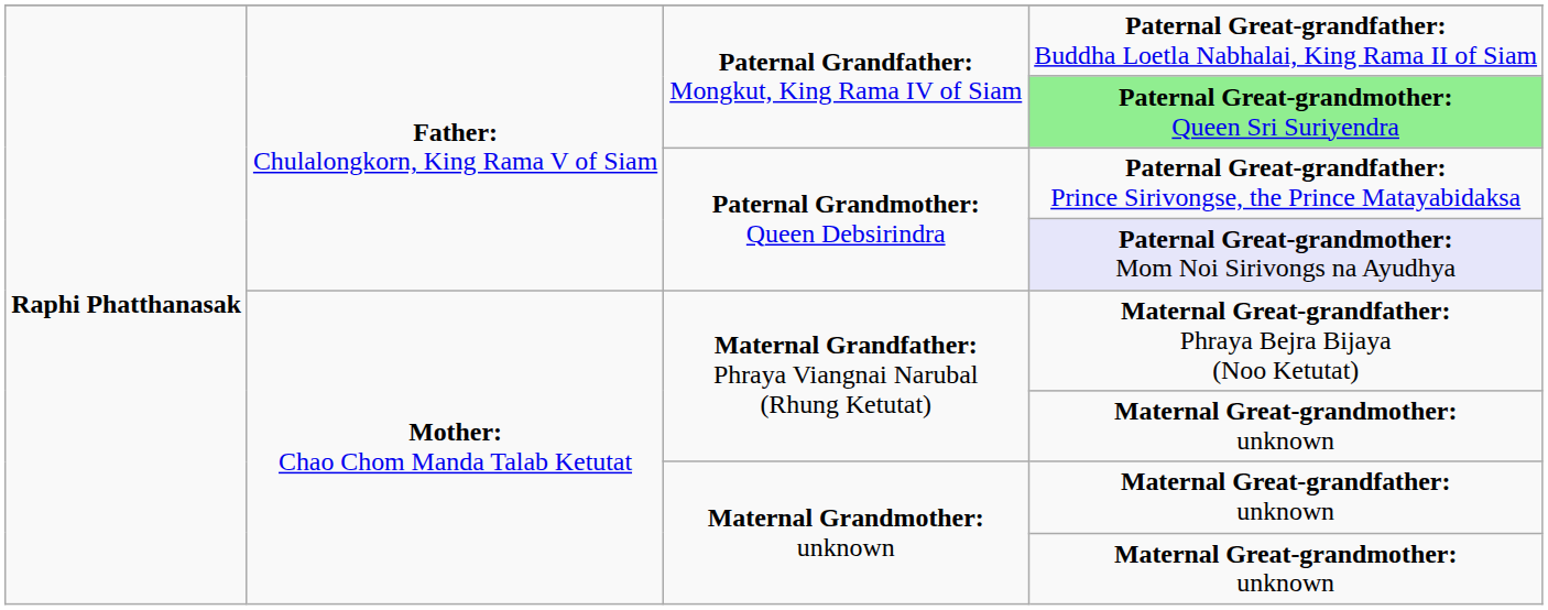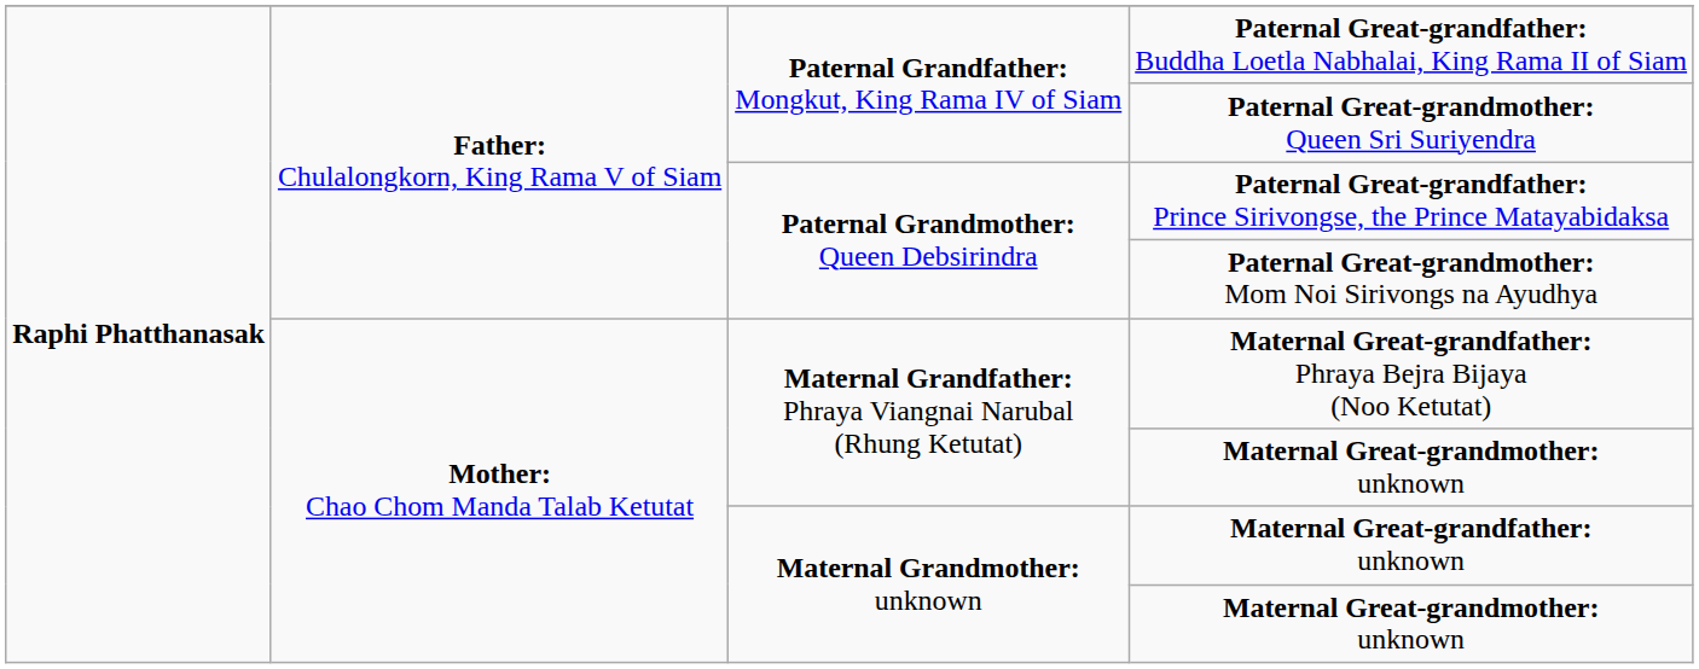 <table class="wikitable">
 <tr>
 </tr>
 <tr>
 <td rowspan="8" align="center"><strong>Raphi Phatthanasak</strong></td>
 <td rowspan="4" align="center"><strong>Father:</strong><br><a href='#'>Chulalongkorn, King Rama V of Siam</a></td>
 <td rowspan="2" align="center"><strong>Paternal Grandfather:</strong><br><a href='#'>Mongkut, King Rama IV of Siam</a></td>
 <td align = "center"><strong>Paternal Great-grandfather:</strong><br><a href='#'>Buddha Loetla Nabhalai, King Rama II of Siam</a></td>
 </tr>
 <tr>
-<td align = "center" style="background: lightgreen;"><strong>Paternal Great-grandmother:</strong><br><a href='#'>Queen Sri Suriyendra</a></td>
+<td align = "center"><strong>Paternal Great-grandmother:</strong><br><a href='#'>Queen Sri Suriyendra</a></td>
 </tr>
 <tr>
 <td rowspan="2" align="center"><strong>Paternal Grandmother:</strong><br><a href='#'>Queen Debsirindra</a></td>
 <td align = "center"><strong>Paternal Great-grandfather:</strong><br><a href='#'>Prince Sirivongse, the Prince Matayabidaksa</a></td>
 </tr>
 <tr>
-<td align = "center" style="background: lavender;"><strong>Paternal Great-grandmother:</strong><br>Mom Noi Sirivongs na Ayudhya</td>
+<td align = "center"><strong>Paternal Great-grandmother:</strong><br>Mom Noi Sirivongs na Ayudhya</td>
 </tr>
 <tr>
 <td rowspan="4" align="center"><strong>Mother:</strong><br><a href='#'>Chao Chom Manda Talab Ketutat</a></td>
 <td rowspan="2" align="center"><strong>Maternal Grandfather:</strong><br>Phraya Viangnai Narubal<br>(Rhung Ketutat)</td>
 <td align = "center"><strong>Maternal Great-grandfather:</strong><br>Phraya Bejra Bijaya<br>(Noo Ketutat)</td>
 </tr>
 <tr>
 <td align = "center"><strong>Maternal Great-grandmother:</strong><br>unknown</td>
 </tr>
 <tr>
 <td rowspan="2" align="center"><strong>Maternal Grandmother:</strong><br>unknown</td>
 <td align = "center"><strong>Maternal Great-grandfather:</strong><br>unknown</td>
 </tr>
 <tr>
 <td align = "center"><strong>Maternal Great-grandmother:</strong><br>unknown</td>
 </tr>
 </table>
